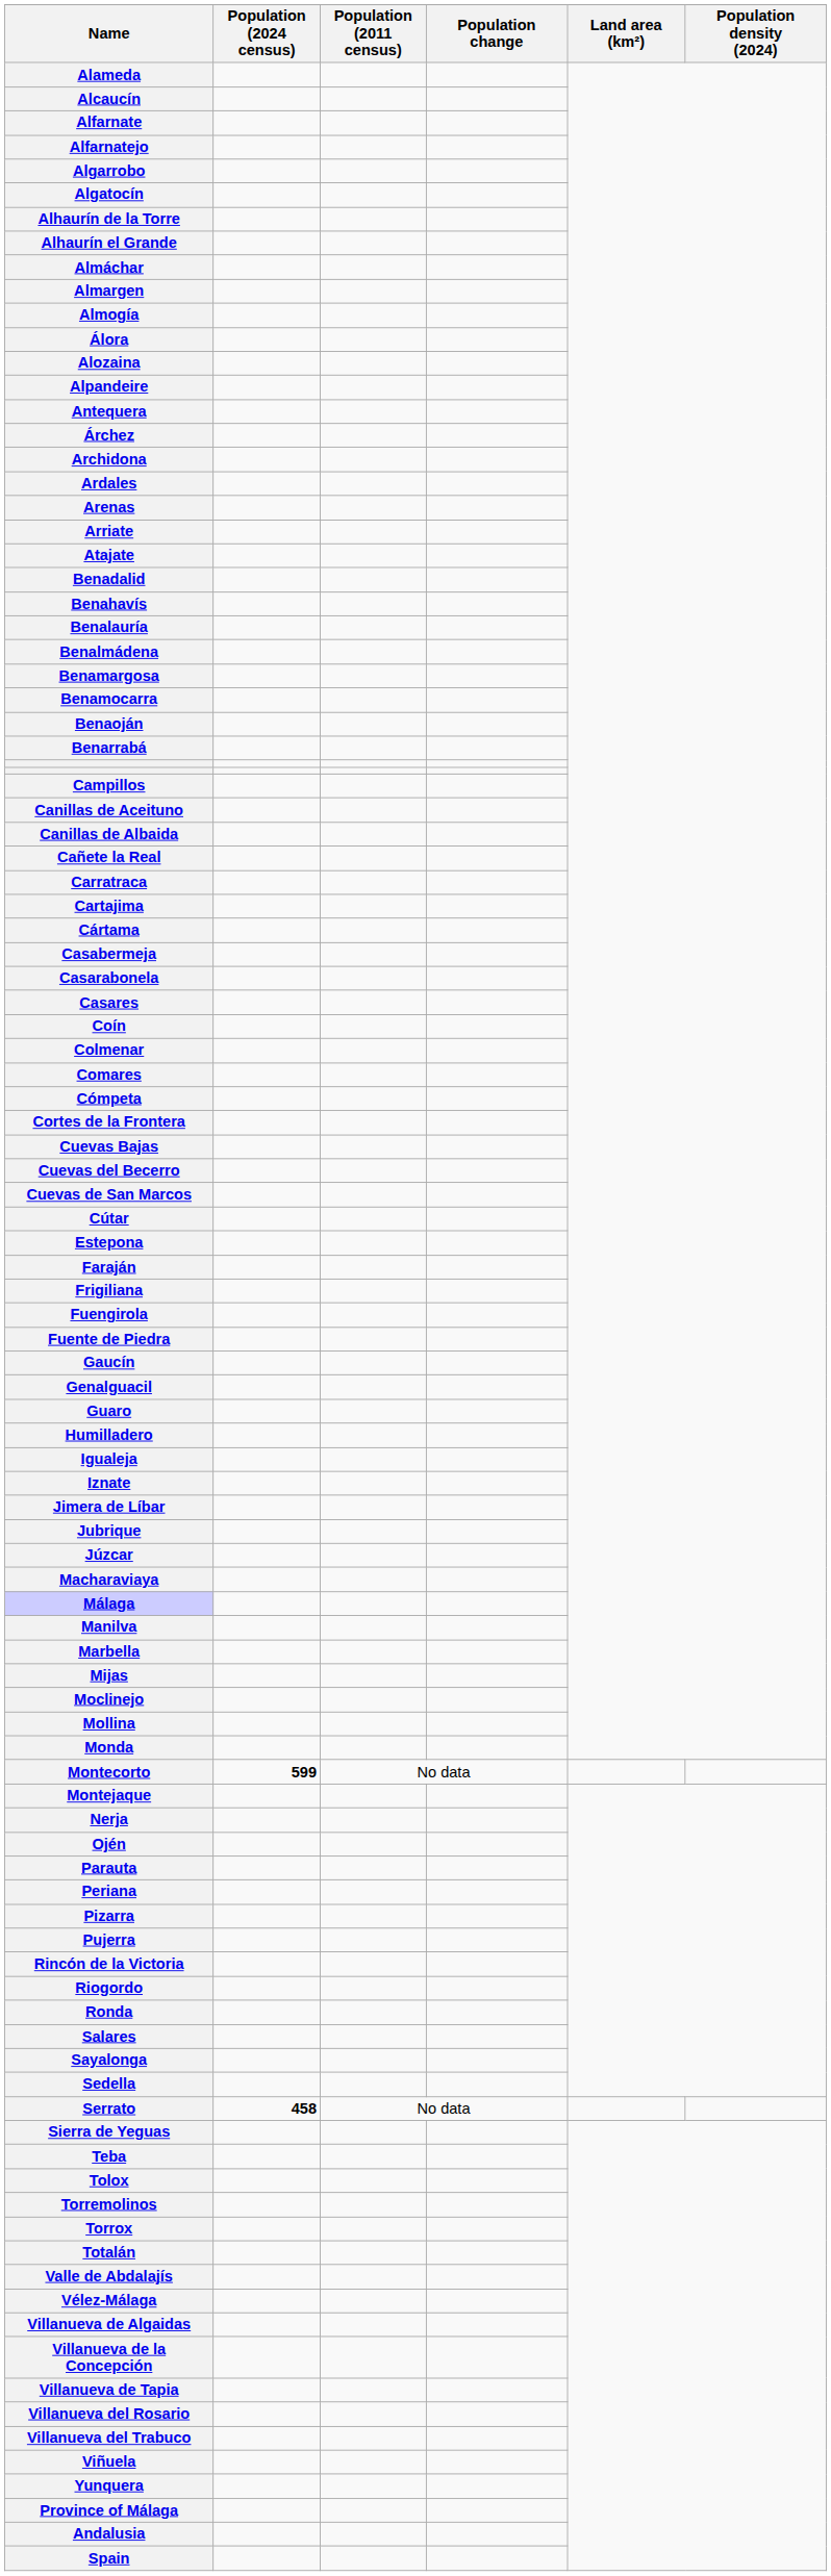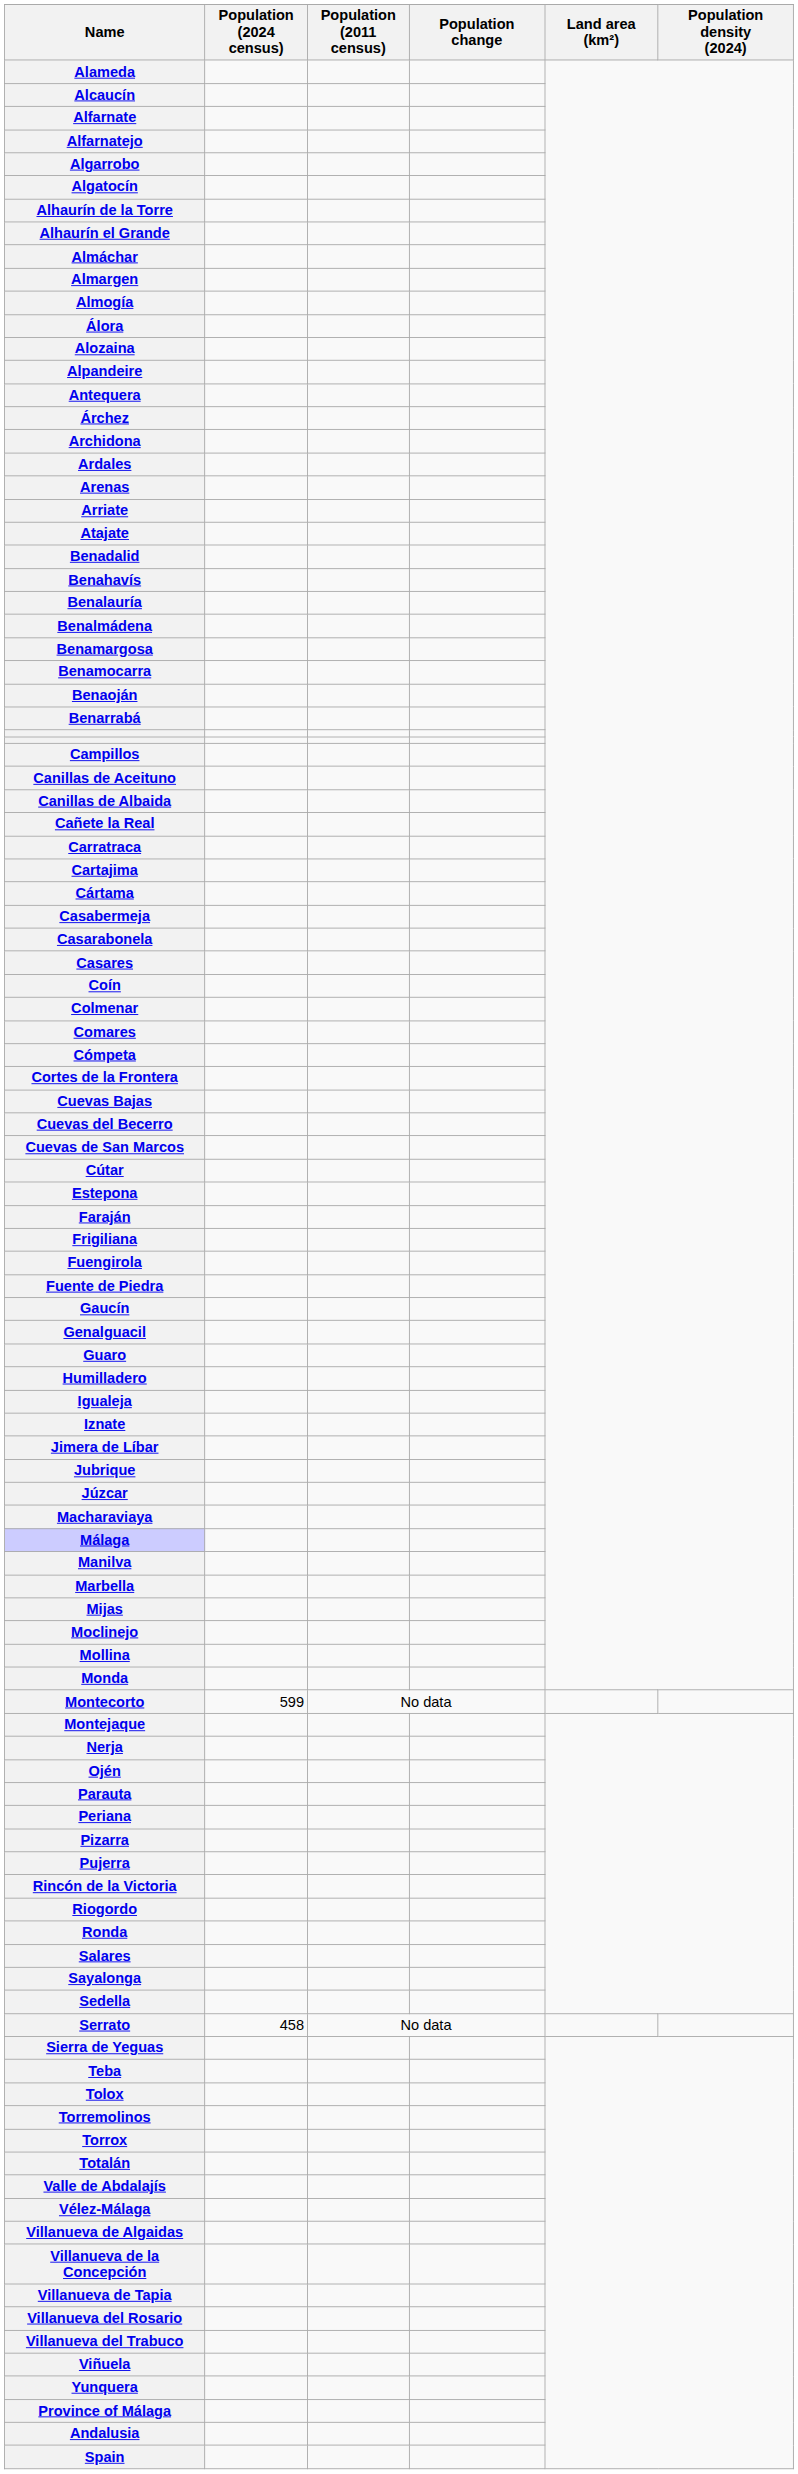 <table class="wikitable sortable sticky-header" style="text-align:right;">
 <tr>
 </tr>
 <tr>
 <th scope="col">Name</th>
 <th scope="col">Population<br>(2024 census)</th>
 <th scope="col">Population<br>(2011 census)</th>
 <th scope="col">Population change</th>
 <th scope="col" data-sort-type="number">Land area (km²)</th>
 <th scope="col" data-sort-type="number">Population density<br>(2024)</th>
 </tr>
 <tr>
 <th scope="row" align="center"><a href='#'>Alameda</a></th>
 <td></td>
 <td></td>
 <td></td>
 </tr>
 <tr>
 <th scope="row" align="center"><a href='#'>Alcaucín</a></th>
 <td></td>
 <td></td>
 <td></td>
 </tr>
 <tr>
 <th scope="row" align="center"><a href='#'>Alfarnate</a></th>
 <td></td>
 <td></td>
 <td></td>
 </tr>
 <tr>
 <th scope="row" align="center"><a href='#'>Alfarnatejo</a></th>
 <td></td>
 <td></td>
 <td></td>
 </tr>
 <tr>
 <th scope="row" align="center"><a href='#'>Algarrobo</a></th>
 <td></td>
 <td></td>
 <td></td>
 </tr>
 <tr>
 <th scope="row" align="center"><a href='#'>Algatocín</a></th>
 <td></td>
 <td></td>
 <td></td>
 </tr>
 <tr>
 <th scope="row" align="center"><a href='#'>Alhaurín de la Torre</a></th>
 <td></td>
 <td></td>
 <td></td>
 </tr>
 <tr>
 <th scope="row" align="center"><a href='#'>Alhaurín el Grande</a></th>
 <td></td>
 <td></td>
 <td></td>
 </tr>
 <tr>
 <th scope="row" align="center"><a href='#'>Almáchar</a></th>
 <td></td>
 <td></td>
 <td></td>
 </tr>
 <tr>
 <th scope="row" align="center"><a href='#'>Almargen</a></th>
 <td></td>
 <td></td>
 <td></td>
 </tr>
 <tr>
 <th scope="row" align="center"><a href='#'>Almogía</a></th>
 <td></td>
 <td></td>
 <td></td>
 </tr>
 <tr>
 <th scope="row" align="center"><a href='#'>Álora</a></th>
 <td></td>
 <td></td>
 <td></td>
 </tr>
 <tr>
 <th scope="row" align="center"><a href='#'>Alozaina</a></th>
 <td></td>
 <td></td>
 <td></td>
 </tr>
 <tr>
 <th scope="row" align="center"><a href='#'>Alpandeire</a></th>
 <td></td>
 <td></td>
 <td></td>
 </tr>
 <tr>
 <th scope="row" align="center"><a href='#'>Antequera</a></th>
 <td></td>
 <td></td>
 <td></td>
 </tr>
 <tr>
 <th scope="row" align="center"><a href='#'>Árchez</a></th>
 <td></td>
 <td></td>
 <td></td>
 </tr>
 <tr>
 <th scope="row" align="center"><a href='#'>Archidona</a></th>
 <td></td>
 <td></td>
 <td></td>
 </tr>
 <tr>
 <th scope="row" align="center"><a href='#'>Ardales</a></th>
 <td></td>
 <td></td>
 <td></td>
 </tr>
 <tr>
 <th scope="row" align="center"><a href='#'>Arenas</a></th>
 <td></td>
 <td></td>
 <td></td>
 </tr>
 <tr>
 <th scope="row" align="center"><a href='#'>Arriate</a></th>
 <td></td>
 <td></td>
 <td></td>
 </tr>
 <tr>
 <th scope="row" align="center"><a href='#'>Atajate</a></th>
 <td></td>
 <td></td>
 <td></td>
 </tr>
 <tr>
 <th scope="row" align="center"><a href='#'>Benadalid</a></th>
 <td></td>
 <td></td>
 <td></td>
 </tr>
 <tr>
 <th scope="row" align="center"><a href='#'>Benahavís</a></th>
 <td></td>
 <td></td>
 <td></td>
 </tr>
 <tr>
 <th scope="row" align="center"><a href='#'>Benalauría</a></th>
 <td></td>
 <td></td>
 <td></td>
 </tr>
 <tr>
 <th scope="row" align="center"><a href='#'>Benalmádena</a></th>
 <td></td>
 <td></td>
 <td></td>
 </tr>
 <tr>
 <th scope="row" align="center"><a href='#'>Benamargosa</a></th>
 <td></td>
 <td></td>
 <td></td>
 </tr>
 <tr>
 <th scope="row" align="center"><a href='#'>Benamocarra</a></th>
 <td></td>
 <td></td>
 <td></td>
 </tr>
 <tr>
 <th scope="row" align="center"><a href='#'>Benaoján</a></th>
 <td></td>
 <td></td>
 <td></td>
 </tr>
 <tr>
 <th scope="row" align="center"><a href='#'>Benarrabá</a></th>
 <td></td>
 <td></td>
 <td></td>
 </tr>
 <tr>
 <th scope="row" align="center"></th>
 <td></td>
 <td></td>
 <td></td>
 </tr>
 <tr>
 <th scope="row" align="center"></th>
 <td></td>
 <td></td>
 <td></td>
 </tr>
 <tr>
 <th scope="row" align="center"><a href='#'>Campillos</a></th>
 <td></td>
 <td></td>
 <td></td>
 </tr>
 <tr>
 <th scope="row" align="center"><a href='#'>Canillas de Aceituno</a></th>
 <td></td>
 <td></td>
 <td></td>
 </tr>
 <tr>
 <th scope="row" align="center"><a href='#'>Canillas de Albaida</a></th>
 <td></td>
 <td></td>
 <td></td>
 </tr>
 <tr>
 <th scope="row" align="center"><a href='#'>Cañete la Real</a></th>
 <td></td>
 <td></td>
 <td></td>
 </tr>
 <tr>
 <th scope="row" align="center"><a href='#'>Carratraca</a></th>
 <td></td>
 <td></td>
 <td></td>
 </tr>
 <tr>
 <th scope="row" align="center"><a href='#'>Cartajima</a></th>
 <td></td>
 <td></td>
 <td></td>
 </tr>
 <tr>
 <th scope="row" align="center"><a href='#'>Cártama</a></th>
 <td></td>
 <td></td>
 <td></td>
 </tr>
 <tr>
 <th scope="row" align="center"><a href='#'>Casabermeja</a></th>
 <td></td>
 <td></td>
 <td></td>
 </tr>
 <tr>
 <th scope="row" align="center"><a href='#'>Casarabonela</a></th>
 <td></td>
 <td></td>
 <td></td>
 </tr>
 <tr>
 <th scope="row" align="center"><a href='#'>Casares</a></th>
 <td></td>
 <td></td>
 <td></td>
 </tr>
 <tr>
 <th scope="row" align="center"><a href='#'>Coín</a></th>
 <td></td>
 <td></td>
 <td></td>
 </tr>
 <tr>
 <th scope="row" align="center"><a href='#'>Colmenar</a></th>
 <td></td>
 <td></td>
 <td></td>
 </tr>
 <tr>
 <th scope="row" align="center"><a href='#'>Comares</a></th>
 <td></td>
 <td></td>
 <td></td>
 </tr>
 <tr>
 <th scope="row" align="center"><a href='#'>Cómpeta</a></th>
 <td></td>
 <td></td>
 <td></td>
 </tr>
 <tr>
 <th scope="row" align="center"><a href='#'>Cortes de la Frontera</a></th>
 <td></td>
 <td></td>
 <td></td>
 </tr>
 <tr>
 <th scope="row" align="center"><a href='#'>Cuevas Bajas</a></th>
 <td></td>
 <td></td>
 <td></td>
 </tr>
 <tr>
 <th scope="row" align="center"><a href='#'>Cuevas del Becerro</a></th>
 <td></td>
 <td></td>
 <td></td>
 </tr>
 <tr>
 <th scope="row" align="center"><a href='#'>Cuevas de San Marcos</a></th>
 <td></td>
 <td></td>
 <td></td>
 </tr>
 <tr>
 <th scope="row" align="center"><a href='#'>Cútar</a></th>
 <td></td>
 <td></td>
 <td></td>
 </tr>
 <tr>
 <th scope="row" align="center"><a href='#'>Estepona</a></th>
 <td></td>
 <td></td>
 <td></td>
 </tr>
 <tr>
 <th scope="row" align="center"><a href='#'>Faraján</a></th>
 <td></td>
 <td></td>
 <td></td>
 </tr>
 <tr>
 <th scope="row" align="center"><a href='#'>Frigiliana</a></th>
 <td></td>
 <td></td>
 <td></td>
 </tr>
 <tr>
 <th scope="row" align="center"><a href='#'>Fuengirola</a></th>
 <td></td>
 <td></td>
 <td></td>
 </tr>
 <tr>
 <th scope="row" align="center"><a href='#'>Fuente de Piedra</a></th>
 <td></td>
 <td></td>
 <td></td>
 </tr>
 <tr>
 <th scope="row" align="center"><a href='#'>Gaucín</a></th>
 <td></td>
 <td></td>
 <td></td>
 </tr>
 <tr>
 <th scope="row" align="center"><a href='#'>Genalguacil</a></th>
 <td></td>
 <td></td>
 <td></td>
 </tr>
 <tr>
 <th scope="row" align="center"><a href='#'>Guaro</a></th>
 <td></td>
 <td></td>
 <td></td>
 </tr>
 <tr>
 <th scope="row" align="center"><a href='#'>Humilladero</a></th>
 <td></td>
 <td></td>
 <td></td>
 </tr>
 <tr>
 <th scope="row" align="center"><a href='#'>Igualeja</a></th>
 <td></td>
 <td></td>
 <td></td>
 </tr>
 <tr>
 <th scope="row" align="center"><a href='#'>Iznate</a></th>
 <td></td>
 <td></td>
 <td></td>
 </tr>
 <tr>
 <th scope="row" align="center"><a href='#'>Jimera de Líbar</a></th>
 <td></td>
 <td></td>
 <td></td>
 </tr>
 <tr>
 <th scope="row" align="center"><a href='#'>Jubrique</a></th>
 <td></td>
 <td></td>
 <td></td>
 </tr>
 <tr>
 <th scope="row" align="center"><a href='#'>Júzcar</a></th>
 <td></td>
 <td></td>
 <td></td>
 </tr>
 <tr>
 <th scope="row" align="center"><a href='#'>Macharaviaya</a></th>
 <td></td>
 <td></td>
 <td></td>
 </tr>
 <tr>
 <th scope="row" align="left" style="background:#CCF;"><a href='#'>Málaga</a></th>
 <td></td>
 <td></td>
 <td></td>
 </tr>
 <tr>
 <th scope="row" align="center"><a href='#'>Manilva</a></th>
 <td></td>
 <td></td>
 <td></td>
 </tr>
 <tr>
 <th scope="row" align="center"><a href='#'>Marbella</a></th>
 <td></td>
 <td></td>
 <td></td>
 </tr>
 <tr>
 <th scope="row" align="center"><a href='#'>Mijas</a></th>
 <td></td>
 <td></td>
 <td></td>
 </tr>
 <tr>
 <th scope="row" align="center"><a href='#'>Moclinejo</a></th>
 <td></td>
 <td></td>
 <td></td>
 </tr>
 <tr>
 <th scope="row" align="center"><a href='#'>Mollina</a></th>
 <td></td>
 <td></td>
 <td></td>
 </tr>
 <tr>
 <th scope="row" align="center"><a href='#'>Monda</a></th>
 <td></td>
 <td></td>
 <td></td>
 </tr>
 <tr>
 <th scope="row" align="center"><a href='#'>Montecorto</a></th>
-<td align="right"><strong>599</strong></td>
+<td align="right">599</td>
 <td colspan=2 align="center">No data</td>
 <td></td>
 <td></td>
 </tr>
 <tr>
 <th scope="row" align="center"><a href='#'>Montejaque</a></th>
 <td></td>
 <td></td>
 <td></td>
 </tr>
 <tr>
 <th scope="row" align="center"><a href='#'>Nerja</a></th>
 <td></td>
 <td></td>
 <td></td>
 </tr>
 <tr>
 <th scope="row" align="center"><a href='#'>Ojén</a></th>
 <td></td>
 <td></td>
 <td></td>
 </tr>
 <tr>
 <th scope="row" align="center"><a href='#'>Parauta</a></th>
 <td></td>
 <td></td>
 <td></td>
 </tr>
 <tr>
 <th scope="row" align="center"><a href='#'>Periana</a></th>
 <td></td>
 <td></td>
 <td></td>
 </tr>
 <tr>
 <th scope="row" align="center"><a href='#'>Pizarra</a></th>
 <td></td>
 <td></td>
 <td></td>
 </tr>
 <tr>
 <th scope="row" align="center"><a href='#'>Pujerra</a></th>
 <td></td>
 <td></td>
 <td></td>
 </tr>
 <tr>
 <th scope="row" align="center"><a href='#'>Rincón de la Victoria</a></th>
 <td></td>
 <td></td>
 <td></td>
 </tr>
 <tr>
 <th scope="row" align="center"><a href='#'>Riogordo</a></th>
 <td></td>
 <td></td>
 <td></td>
 </tr>
 <tr>
 <th scope="row" align="center"><a href='#'>Ronda</a></th>
 <td></td>
 <td></td>
 <td></td>
 </tr>
 <tr>
 <th scope="row" align="center"><a href='#'>Salares</a></th>
 <td></td>
 <td></td>
 <td></td>
 </tr>
 <tr>
 <th scope="row" align="center"><a href='#'>Sayalonga</a></th>
 <td></td>
 <td></td>
 <td></td>
 </tr>
 <tr>
 <th scope="row" align="center"><a href='#'>Sedella</a></th>
 <td></td>
 <td></td>
 <td></td>
 </tr>
 <tr>
 <th scope="row" align="center"><a href='#'>Serrato</a></th>
-<td align="right"><strong>458</strong></td>
+<td align="right">458</td>
 <td colspan=2 align="center">No data</td>
 <td></td>
 <td></td>
 </tr>
 <tr>
 <th scope="row" align="center"><a href='#'>Sierra de Yeguas</a></th>
 <td></td>
 <td></td>
 <td></td>
 </tr>
 <tr>
 <th scope="row" align="center"><a href='#'>Teba</a></th>
 <td></td>
 <td></td>
 <td></td>
 </tr>
 <tr>
 <th scope="row" align="center"><a href='#'>Tolox</a></th>
 <td></td>
 <td></td>
 <td></td>
 </tr>
 <tr>
 <th scope="row" align="center"><a href='#'>Torremolinos</a></th>
 <td></td>
 <td></td>
 <td></td>
 </tr>
 <tr>
 <th scope="row" align="center"><a href='#'>Torrox</a></th>
 <td></td>
 <td></td>
 <td></td>
 </tr>
 <tr>
 <th scope="row" align="center"><a href='#'>Totalán</a></th>
 <td></td>
 <td></td>
 <td></td>
 </tr>
 <tr>
 <th scope="row" align="center"><a href='#'>Valle de Abdalajís</a></th>
 <td></td>
 <td></td>
 <td></td>
 </tr>
 <tr>
 <th scope="row" align="center"><a href='#'>Vélez-Málaga</a></th>
 <td></td>
 <td></td>
 <td></td>
 </tr>
 <tr>
 <th scope="row" align="center"><a href='#'>Villanueva de Algaidas</a></th>
 <td></td>
 <td></td>
 <td></td>
 </tr>
 <tr>
 <th scope="row" align="center"><a href='#'>Villanueva de la Concepción</a></th>
 <td></td>
 <td></td>
 <td></td>
 </tr>
 <tr>
 <th scope="row" align="center"><a href='#'>Villanueva de Tapia</a></th>
 <td></td>
 <td></td>
 <td></td>
 </tr>
 <tr>
 <th scope="row" align="center"><a href='#'>Villanueva del Rosario</a></th>
 <td></td>
 <td></td>
 <td></td>
 </tr>
 <tr>
 <th scope="row" align="center"><a href='#'>Villanueva del Trabuco</a></th>
 <td></td>
 <td></td>
 <td></td>
 </tr>
 <tr>
 <th scope="row" align="center"><a href='#'>Viñuela</a></th>
 <td></td>
 <td></td>
 <td></td>
 </tr>
 <tr>
 <th scope="row" align="center"><a href='#'>Yunquera</a></th>
 <td></td>
 <td></td>
 <td></td>
 </tr>
 <tr class="sortbottom" style="text-align:center;" style="background: #f2f2f2;">
 <th scope="row" align="center"><strong><a href='#'>Province of Málaga</a></strong></th>
 <td></td>
 <td><strong></strong></td>
 <td align="right"><strong></strong></td>
 </tr>
 <tr class="sortbottom" style="text-align:center;" style="background: #f2f2f2;">
 <th scope="row" align="center"><strong><a href='#'>Andalusia</a></strong></th>
 <td></td>
 <td><strong></strong></td>
 <td align="right"><strong></strong></td>
 </tr>
 <tr class="sortbottom" style="text-align:center;" style="background: #f2f2f2;">
 <th scope="row" align="center"><strong><a href='#'>Spain</a></strong></th>
 <td></td>
 <td><strong></strong></td>
 <td align="right"><strong></strong></td>
 </tr>
 </table>
